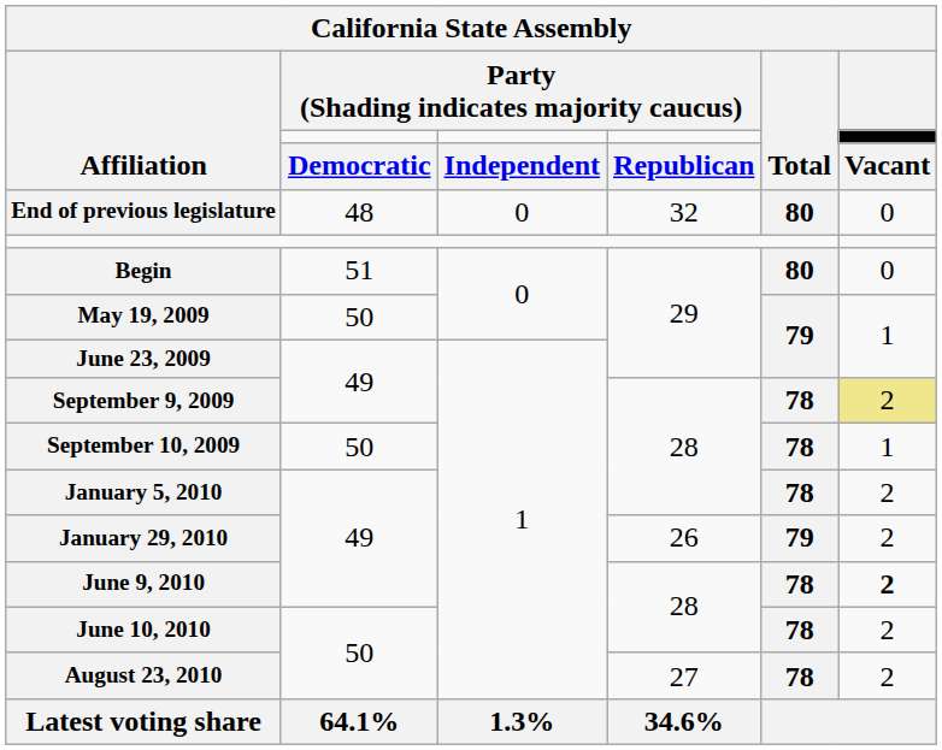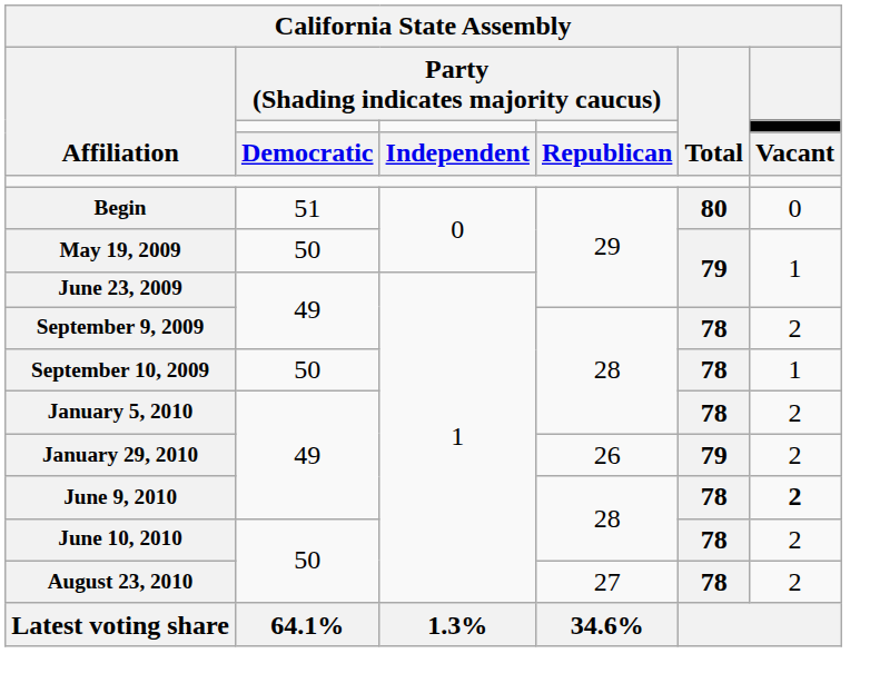 <table class=wikitable style="text-align:center">
 <tr>
 <th colspan="6">California State Assembly</th>
 </tr>
 <tr style="vertical-align:bottom;">
 <th rowspan=3>Affiliation</th>
 <th colspan=3>Party <div>(Shading indicates majority caucus)</div></th>
 <th rowspan=3>Total</th>
 <th></th>
 </tr>
 <tr style="height:5px">
 <td style="background-color:"></td>
 <td style="background-color:"></td>
 <td style="background-color:"></td>
 <td style="background-color:black"></td>
 </tr>
 <tr>
 <th><a href='#'>Democratic</a></th>
 <th><a href='#'>Independent</a></th>
 <th><a href='#'>Republican</a></th>
 <th>Vacant</th>
-</tr>
-<tr>
-<th nowrap style="font-size:80%">End of previous legislature</th>
-<td>48</td>
-<td>0</td>
-<td>32</td>
-<th>80</th>
-<td>0</td>
 </tr>
 <tr>
 <td colspan=5></td>
 </tr>
 <tr>
 <th nowrap style="font-size:80%">Begin</th>
 <td>51</td>
 <td rowspan=2>0</td>
 <td rowspan=3>29</td>
 <th>80</th>
 <td>0</td>
 </tr>
 <tr>
 <th nowrap style="font-size:80%">May 19, 2009</th>
 <td>50</td>
 <th rowspan=2>79</th>
 <td rowspan=2>1</td>
 </tr>
 <tr>
 <th nowrap style="font-size:80%">June 23, 2009</th>
 <td rowspan=2 >49</td>
 <td rowspan=8 >1</td>
 </tr>
 <tr>
 <th nowrap style="font-size:80%">September 9, 2009</th>
 <td rowspan=3>28</td>
 <th>78</th>
-<td style="background: khaki;">2</td>
+<td>2</td>
 </tr>
 <tr>
 <th nowrap style="font-size:80%">September 10, 2009</th>
 <td>50</td>
 <th>78</th>
 <td>1</td>
 </tr>
 <tr>
 <th nowrap style="font-size:80%">January 5, 2010</th>
 <td rowspan=3 >49</td>
 <th>78</th>
 <td>2</td>
 </tr>
 <tr>
 <th nowrap style="font-size:80%">January 29, 2010</th>
 <td>26</td>
 <th>79</th>
 <td>2</td>
 </tr>
 <tr>
 <th nowrap style="font-size:80%">June 9, 2010</th>
 <td rowspan=2>28</td>
 <th>78</th>
 <td><strong>2</strong></td>
 </tr>
 <tr>
 <th nowrap style="font-size:80%">June 10, 2010</th>
 <td rowspan=2 >50</td>
 <th>78</th>
 <td>2</td>
 </tr>
 <tr>
 <th nowrap style="font-size:80%">August 23, 2010</th>
 <td rowspan=1>27</td>
 <th>78</th>
 <td>2</td>
 </tr>
 <tr>
 <th>Latest voting share</th>
 <th>64.1%</th>
 <th>1.3%</th>
 <th>34.6%</th>
 <th colspan=2></th>
 </tr>
 </table>
